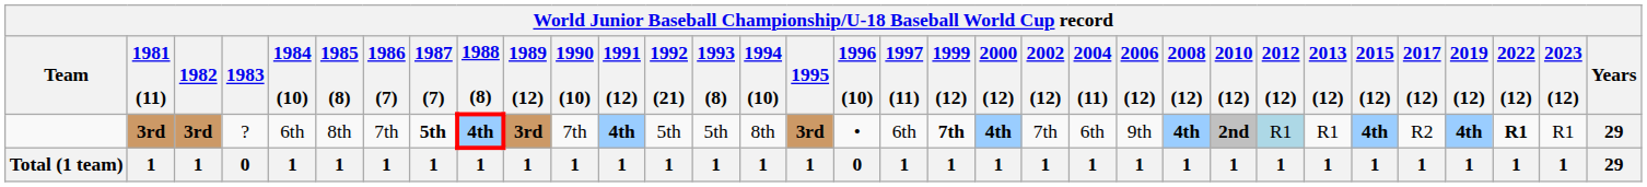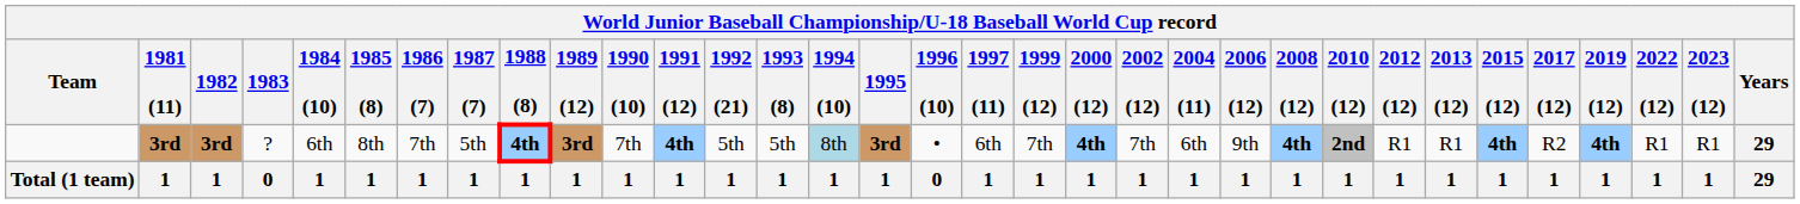 <table class="wikitable" style="text-align:center; font-size:85%;">
 <tr>
 <th colspan=33><a href='#'>World Junior Baseball Championship/U-18 Baseball World Cup</a> record</th>
 </tr>
 <tr>
 <th>Team</th>
 <th><a href='#'>1981</a><br><br>(11)</th>
 <th><a href='#'>1982</a><br></th>
 <th><a href='#'>1983</a><br></th>
 <th><a href='#'>1984</a><br><br>(10)</th>
 <th><a href='#'>1985</a><br><br>(8)</th>
 <th><a href='#'>1986</a><br><br>(7)</th>
 <th><a href='#'>1987</a><br><br>(7)</th>
 <th><a href='#'>1988</a><br><br>(8)</th>
 <th><a href='#'>1989</a><br><br>(12)</th>
 <th><a href='#'>1990</a><br><br>(10)</th>
 <th><a href='#'>1991</a><br><br>(12)</th>
 <th><a href='#'>1992</a><br><br>(21)</th>
 <th><a href='#'>1993</a><br><br>(8)</th>
 <th><a href='#'>1994</a><br><br>(10)</th>
 <th><a href='#'>1995</a><br></th>
 <th><a href='#'>1996</a><br><br>(10)</th>
 <th><a href='#'>1997</a><br><br>(11)</th>
 <th><a href='#'>1999</a><br><br>(12)</th>
 <th><a href='#'>2000</a><br><br>(12)</th>
 <th><a href='#'>2002</a><br><br>(12)</th>
 <th><a href='#'>2004</a><br><br>(11)</th>
 <th><a href='#'>2006</a><br><br>(12)</th>
 <th><a href='#'>2008</a><br><br>(12)</th>
 <th><a href='#'>2010</a><br><br>(12)</th>
 <th><a href='#'>2012</a><br><br>(12)</th>
 <th><a href='#'>2013</a><br><br>(12)</th>
 <th><a href='#'>2015</a><br><br>(12)</th>
 <th><a href='#'>2017</a><br><br>(12)</th>
 <th><a href='#'>2019</a><br><br>(12)</th>
 <th><a href='#'>2022</a><br><br>(12)</th>
 <th><a href='#'>2023</a><br><br>(12)</th>
 <th>Years</th>
 </tr>
 <tr>
 <td align=left></td>
 <td style="background:#c96;"><strong>3rd</strong></td>
 <td style="background:#c96;"><strong>3rd</strong></td>
 <td>?</td>
 <td>6th</td>
 <td>8th</td>
 <td>7th</td>
-<td><strong>5th</strong></td>
+<td>5th</td>
 <td style="background:#9acdff; border: 3px solid red"><strong>4th</strong></td>
 <td style="background:#c96;"><strong>3rd</strong></td>
 <td>7th</td>
 <td style="background:#9acdff"><strong>4th</strong></td>
 <td>5th</td>
 <td>5th</td>
-<td>8th</td>
+<td style="background: lightblue;">8th</td>
 <td style="background:#c96;"><strong>3rd</strong></td>
 <td>•</td>
 <td>6th</td>
-<td><strong>7th</strong></td>
+<td>7th</td>
 <td style="background:#9acdff"><strong>4th</strong></td>
 <td>7th</td>
 <td>6th</td>
 <td>9th</td>
 <td style="background:#9acdff"><strong>4th</strong></td>
 <td style="background:Silver;"><strong>2nd</strong></td>
-<td style="background: lightblue;">R1<br></td>
+<td>R1<br></td>
 <td>R1<br></td>
 <td style="background:#9acdff"><strong>4th</strong></td>
 <td>R2<br></td>
 <td style="background:#9acdff"><strong>4th</strong></td>
-<td><strong>R1<br></strong></td>
+<td>R1<br></td>
 <td>R1<br></td>
 <th>29</th>
 </tr>
 <tr>
 <th>Total (1 team)</th>
 <th>1</th>
 <th>1</th>
 <th>0</th>
 <th>1</th>
 <th>1</th>
 <th>1</th>
 <th>1</th>
 <th>1</th>
 <th>1</th>
 <th>1</th>
 <th>1</th>
 <th>1</th>
 <th>1</th>
 <th>1</th>
 <th>1</th>
 <th>0</th>
 <th>1</th>
 <th>1</th>
 <th>1</th>
 <th>1</th>
 <th>1</th>
 <th>1</th>
 <th>1</th>
 <th>1</th>
 <th>1</th>
 <th>1</th>
 <th>1</th>
 <th>1</th>
 <th>1</th>
 <th>1</th>
 <th>1</th>
 <th>29</th>
 </tr>
 </table>
